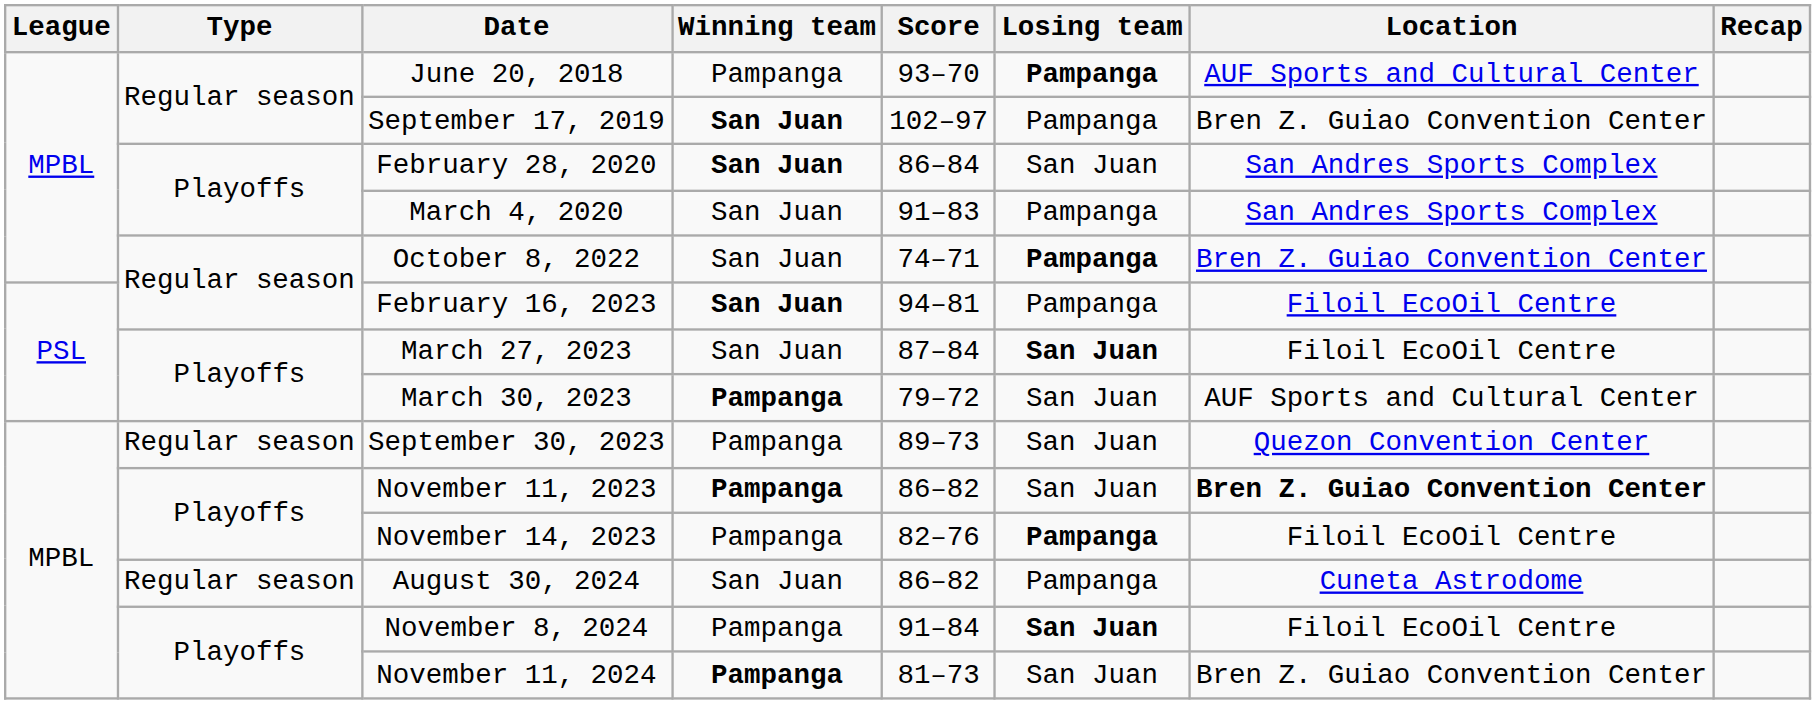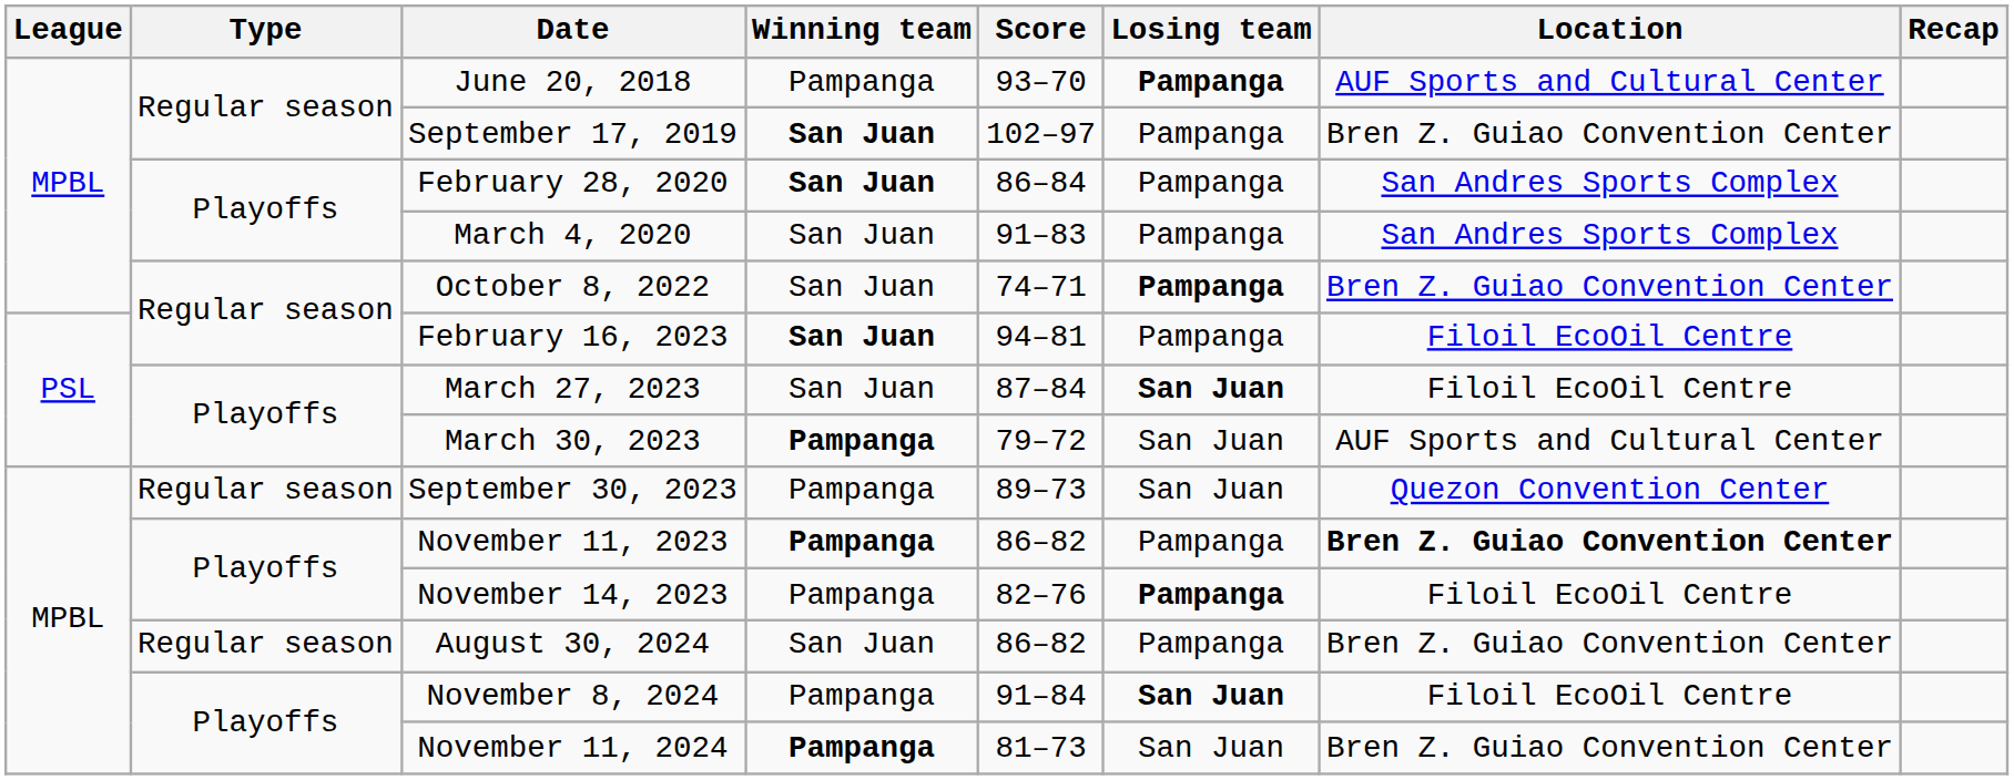 <table class="wikitable sortable" style="text-align:center; font-size:90%">
 <tr>
 <th>League</th>
 <th>Type</th>
 <th>Date</th>
 <th>Winning team</th>
 <th>Score</th>
 <th>Losing team</th>
 <th>Location</th>
 <th class="unsortable">Recap<br></th>
 </tr>
 <tr>
 <td rowspan=5><a href='#'>MPBL</a></td>
 <td rowspan=2>Regular season</td>
 <td>June 20, 2018</td>
 <td>Pampanga</td>
 <td>93–70</td>
 <td><strong>Pampanga</strong></td>
 <td><a href='#'>AUF Sports and Cultural Center</a></td>
 <td><br></td>
 </tr>
 <tr>
 <td>September 17, 2019</td>
 <td><strong>San Juan</strong></td>
 <td>102–97</td>
 <td>Pampanga</td>
 <td>Bren Z. Guiao Convention Center</td>
 <td></td>
 </tr>
 <tr>
 <td rowspan=2>Playoffs</td>
 <td>February 28, 2020</td>
 <td><strong>San Juan</strong></td>
 <td>86–84</td>
-<td>San Juan</td>
+<td>Pampanga</td>
 <td><a href='#'>San Andres Sports Complex</a></td>
 <td></td>
 </tr>
 <tr>
 <td>March 4, 2020</td>
 <td>San Juan</td>
 <td>91–83</td>
 <td>Pampanga</td>
 <td><a href='#'>San Andres Sports Complex</a></td>
 <td><br></td>
 </tr>
 <tr>
 <td rowspan=2>Regular season</td>
 <td>October 8, 2022</td>
 <td>San Juan</td>
 <td>74–71</td>
 <td><strong>Pampanga</strong></td>
 <td><a href='#'>Bren Z. Guiao Convention Center</a></td>
 <td><br></td>
 </tr>
 <tr>
 <td rowspan=3><a href='#'>PSL</a></td>
 <td>February 16, 2023</td>
 <td><strong>San Juan</strong></td>
 <td>94–81</td>
 <td>Pampanga</td>
 <td><a href='#'>Filoil EcoOil Centre</a></td>
 <td></td>
 </tr>
 <tr>
 <td rowspan=2>Playoffs</td>
 <td>March 27, 2023</td>
 <td>San Juan</td>
 <td>87–84</td>
 <td><strong>San Juan</strong></td>
 <td>Filoil EcoOil Centre</td>
 <td></td>
 </tr>
 <tr>
 <td>March 30, 2023</td>
 <td><strong>Pampanga</strong></td>
 <td>79–72</td>
 <td>San Juan</td>
 <td>AUF Sports and Cultural Center</td>
 <td><br></td>
 </tr>
 <tr>
 <td rowspan=6>MPBL</td>
 <td>Regular season</td>
 <td>September 30, 2023</td>
 <td>Pampanga</td>
 <td>89–73</td>
 <td>San Juan</td>
 <td><a href='#'>Quezon Convention Center</a></td>
 <td></td>
 </tr>
 <tr>
 <td rowspan=2>Playoffs</td>
 <td>November 11, 2023</td>
 <td><strong>Pampanga</strong></td>
 <td>86–82</td>
-<td>San Juan</td>
+<td>Pampanga</td>
 <td><strong>Bren Z. Guiao Convention Center</strong></td>
 <td></td>
 </tr>
 <tr>
 <td>November 14, 2023</td>
 <td>Pampanga</td>
 <td>82–76</td>
 <td><strong>Pampanga</strong></td>
 <td>Filoil EcoOil Centre</td>
 <td><br></td>
 </tr>
 <tr>
 <td>Regular season</td>
 <td>August 30, 2024</td>
 <td>San Juan</td>
 <td>86–82</td>
 <td>Pampanga</td>
-<td><a href='#'>Cuneta Astrodome</a></td>
+<td>Bren Z. Guiao Convention Center</td>
 <td></td>
 </tr>
 <tr>
 <td rowspan=2>Playoffs</td>
 <td>November 8, 2024</td>
 <td>Pampanga</td>
 <td>91–84</td>
 <td><strong>San Juan</strong></td>
 <td>Filoil EcoOil Centre</td>
 <td></td>
 </tr>
 <tr>
 <td>November 11, 2024</td>
 <td><strong>Pampanga</strong></td>
 <td>81–73</td>
 <td>San Juan</td>
 <td>Bren Z. Guiao Convention Center</td>
 <td></td>
 </tr>
 </table>
